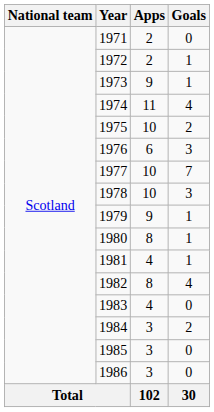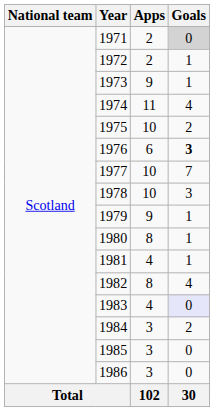 <table class="wikitable" style="text-align:center">
 <tr>
 <th>National team</th>
 <th>Year</th>
 <th>Apps</th>
 <th>Goals</th>
 </tr>
 <tr>
 <td rowspan="16"><a href='#'>Scotland</a></td>
 <td>1971</td>
 <td>2</td>
-<td>0</td>
+<td style="background: lightgrey;">0</td>
 </tr>
 <tr>
 <td>1972</td>
 <td>2</td>
 <td>1</td>
 </tr>
 <tr>
 <td>1973</td>
 <td>9</td>
 <td>1</td>
 </tr>
 <tr>
 <td>1974</td>
 <td>11</td>
 <td>4</td>
 </tr>
 <tr>
 <td>1975</td>
 <td>10</td>
 <td>2</td>
 </tr>
 <tr>
 <td>1976</td>
 <td>6</td>
-<td>3</td>
+<td><strong>3</strong></td>
 </tr>
 <tr>
 <td>1977</td>
 <td>10</td>
 <td>7</td>
 </tr>
 <tr>
 <td>1978</td>
 <td>10</td>
 <td>3</td>
 </tr>
 <tr>
 <td>1979</td>
 <td>9</td>
 <td>1</td>
 </tr>
 <tr>
 <td>1980</td>
 <td>8</td>
 <td>1</td>
 </tr>
 <tr>
 <td>1981</td>
 <td>4</td>
 <td>1</td>
 </tr>
 <tr>
 <td>1982</td>
 <td>8</td>
 <td>4</td>
 </tr>
 <tr>
 <td>1983</td>
 <td>4</td>
-<td>0</td>
+<td style="background: lavender;">0</td>
 </tr>
 <tr>
 <td>1984</td>
 <td>3</td>
 <td>2</td>
 </tr>
 <tr>
 <td>1985</td>
 <td>3</td>
 <td>0</td>
 </tr>
 <tr>
 <td>1986</td>
 <td>3</td>
 <td>0</td>
 </tr>
 <tr>
 <th colspan="2">Total</th>
 <th>102</th>
 <th>30</th>
 </tr>
 </table>
